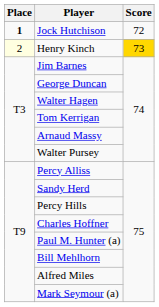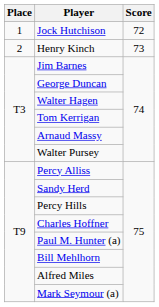 <table class=wikitable>
 <tr>
 <th>Place</th>
 <th>Player</th>
 <th>Score</th>
 </tr>
 <tr>
-<td align=center><strong>1</strong></td>
+<td align=center>1</td>
 <td> <a href='#'>Jock Hutchison</a></td>
 <td align=center>72</td>
 </tr>
 <tr>
-<td align=center style="background: lightyellow;">2</td>
+<td align=center>2</td>
 <td> Henry Kinch</td>
-<td align=center style="background: gold;">73</td>
+<td align=center>73</td>
 </tr>
 <tr>
 <td rowspan=6 align=center>T3</td>
 <td> <a href='#'>Jim Barnes</a> </td>
 <td rowspan=6 align=center>74</td>
 </tr>
 <tr>
 <td> <a href='#'>George Duncan</a></td>
 </tr>
 <tr>
 <td> <a href='#'>Walter Hagen</a></td>
 </tr>
 <tr>
 <td> <a href='#'>Tom Kerrigan</a></td>
 </tr>
 <tr>
 <td> <a href='#'>Arnaud Massy</a></td>
 </tr>
 <tr>
 <td> Walter Pursey</td>
 </tr>
 <tr>
 <td rowspan=9 align=center>T9</td>
 <td> <a href='#'>Percy Alliss</a></td>
 <td rowspan=9 align=center>75</td>
 </tr>
 <tr>
 <td> <a href='#'>Sandy Herd</a></td>
 </tr>
 <tr>
 <td> Percy Hills</td>
 </tr>
 <tr>
 <td> <a href='#'>Charles Hoffner</a></td>
 </tr>
 <tr>
 <td> <a href='#'>Paul M. Hunter</a> (a)</td>
 </tr>
 <tr>
 <td> <a href='#'>Bill Mehlhorn</a></td>
 </tr>
 <tr>
 <td> Alfred Miles</td>
 </tr>
 <tr>
 <td> <a href='#'>Mark Seymour</a> (a)</td>
 </tr>
 </table>
